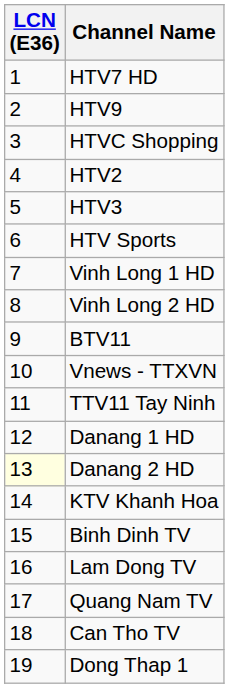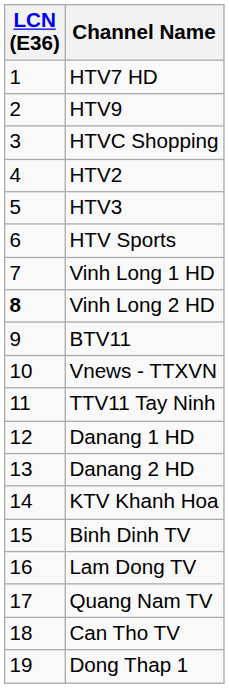 <table class=wikitable>
 <tr>
 <th><a href='#'>LCN</a> <br> (E36)</th>
 <th>Channel Name</th>
 </tr>
 <tr>
 <td>1</td>
 <td>HTV7 HD</td>
 </tr>
 <tr>
 <td>2</td>
 <td>HTV9</td>
 </tr>
 <tr>
 <td>3</td>
 <td>HTVC Shopping</td>
 </tr>
 <tr>
 <td>4</td>
 <td>HTV2</td>
 </tr>
 <tr>
 <td>5</td>
 <td>HTV3</td>
 </tr>
 <tr>
 <td>6</td>
 <td>HTV Sports</td>
 </tr>
 <tr>
 <td>7</td>
 <td>Vinh Long 1 HD</td>
 </tr>
 <tr>
-<td>8</td>
+<td><strong>8</strong></td>
 <td>Vinh Long 2 HD</td>
 </tr>
 <tr>
 <td>9</td>
 <td>BTV11</td>
 </tr>
 <tr>
 <td>10</td>
 <td>Vnews - TTXVN</td>
 </tr>
 <tr>
 <td>11</td>
 <td>TTV11 Tay Ninh</td>
 </tr>
 <tr>
 <td>12</td>
 <td>Danang 1 HD</td>
 </tr>
 <tr>
-<td style="background: lightyellow;">13</td>
+<td>13</td>
 <td>Danang 2 HD</td>
 </tr>
 <tr>
 <td>14</td>
 <td>KTV Khanh Hoa</td>
 </tr>
 <tr>
 <td>15</td>
 <td>Binh Dinh TV</td>
 </tr>
 <tr>
 <td>16</td>
 <td>Lam Dong TV</td>
 </tr>
 <tr>
 <td>17</td>
 <td>Quang Nam TV</td>
 </tr>
 <tr>
 <td>18</td>
 <td>Can Tho TV</td>
 </tr>
 <tr>
 <td>19</td>
 <td>Dong Thap 1</td>
 </tr>
 </table>
